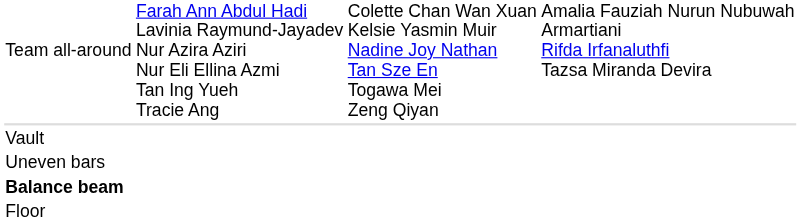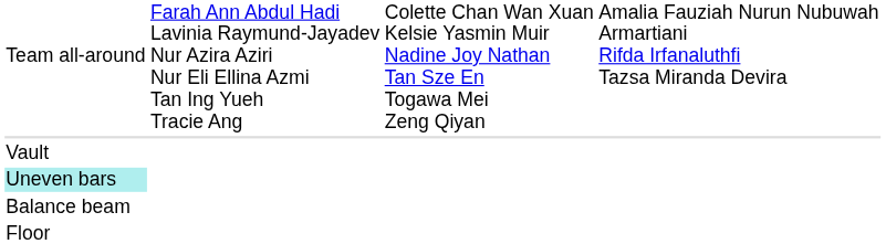 <table>
 <tr>
 <td>Team all-around<br></td>
 <td nowrap=true><br><a href='#'>Farah Ann Abdul Hadi</a><br>Lavinia Raymund-Jayadev<br>Nur Azira Aziri<br>Nur Eli Ellina Azmi<br>Tan Ing Yueh<br>Tracie Ang</td>
 <td nowrap=true><br>Colette Chan Wan Xuan<br>Kelsie Yasmin Muir<br><a href='#'>Nadine Joy Nathan</a><br><a href='#'>Tan Sze En</a><br>Togawa Mei<br>Zeng Qiyan</td>
 <td nowrap=true valign=top><br>Amalia Fauziah Nurun Nubuwah<br>Armartiani<br><a href='#'>Rifda Irfanaluthfi</a><br>Tazsa Miranda Devira</td>
 </tr>
 <tr style="background:#dddddd;">
 <td colspan=7></td>
 </tr>
 <tr>
 <td>Vault<br></td>
 <td></td>
 <td></td>
 <td></td>
 </tr>
 <tr>
-<td>Uneven bars<br></td>
+<td style="background: paleturquoise;">Uneven bars<br></td>
 <td></td>
 <td></td>
 <td></td>
 </tr>
 <tr>
-<td><strong>Balance beam<br></strong></td>
+<td>Balance beam<br></td>
 <td></td>
 <td></td>
 <td></td>
 </tr>
 <tr>
 <td>Floor<br></td>
 <td></td>
 <td></td>
 <td></td>
 </tr>
 </table>
